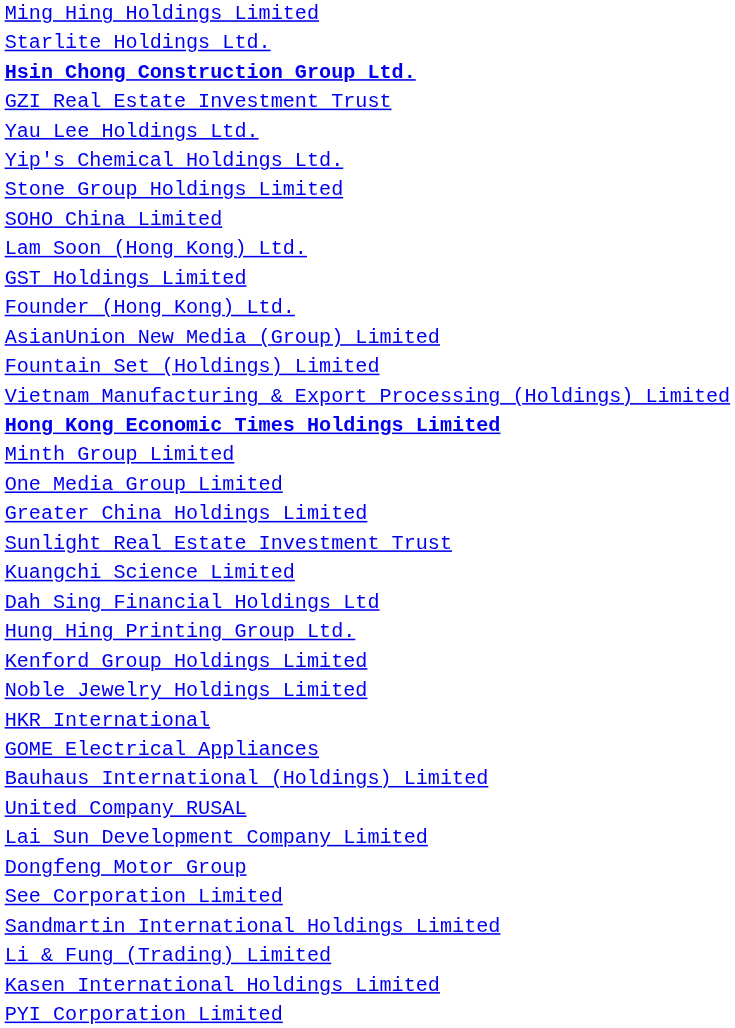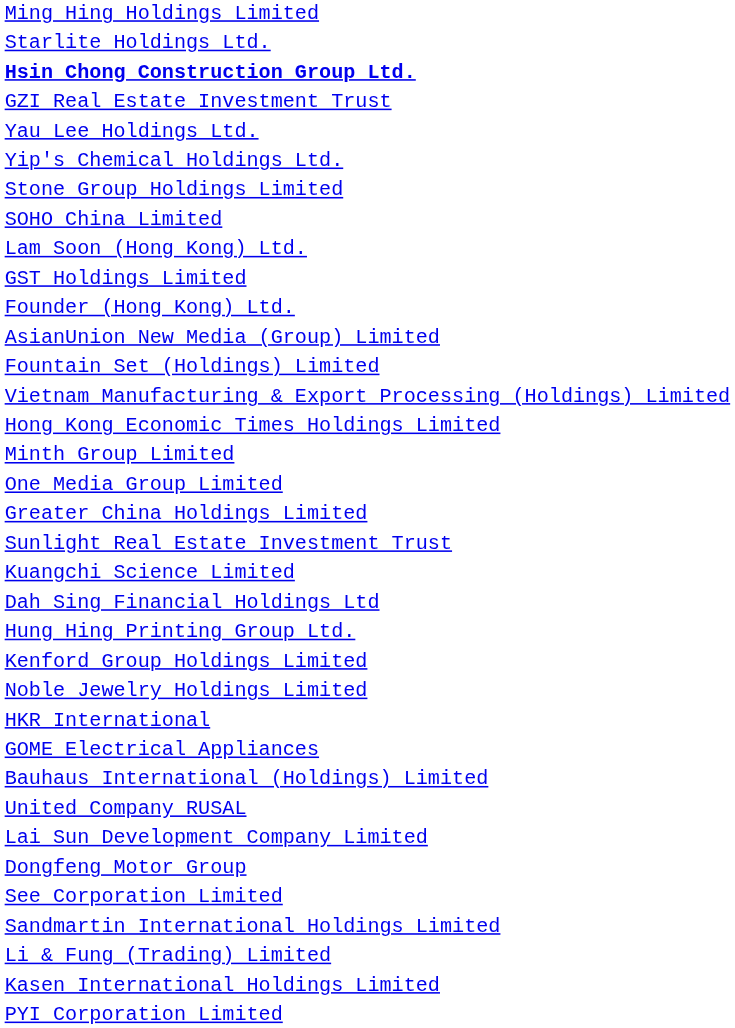 <table>
 <tr>
 <td> <a href='#'>Ming Hing Holdings Limited</a></td>
 </tr>
 <tr>
 <td> <a href='#'>Starlite Holdings Ltd.</a></td>
 </tr>
 <tr>
 <td><strong> <a href='#'>Hsin Chong Construction Group Ltd.</a></strong></td>
 </tr>
 <tr>
 <td> <a href='#'>GZI Real Estate Investment Trust</a></td>
 </tr>
 <tr>
 <td> <a href='#'>Yau Lee Holdings Ltd.</a></td>
 </tr>
 <tr>
 <td> <a href='#'>Yip's Chemical Holdings Ltd.</a></td>
 </tr>
 <tr>
 <td> <a href='#'>Stone Group Holdings Limited</a></td>
 </tr>
 <tr>
 <td> <a href='#'>SOHO China Limited</a></td>
 </tr>
 <tr>
 <td> <a href='#'>Lam Soon (Hong Kong) Ltd.</a></td>
 </tr>
 <tr>
 <td> <a href='#'>GST Holdings Limited</a></td>
 </tr>
 <tr>
 <td> <a href='#'>Founder (Hong Kong) Ltd.</a></td>
 </tr>
 <tr>
 <td> <a href='#'>AsianUnion New Media (Group) Limited</a></td>
 </tr>
 <tr>
 <td> <a href='#'>Fountain Set (Holdings) Limited</a></td>
 </tr>
 <tr>
 <td> <a href='#'>Vietnam Manufacturing & Export Processing (Holdings) Limited</a></td>
 </tr>
 <tr>
-<td><strong> <a href='#'>Hong Kong Economic Times Holdings Limited</a></strong></td>
+<td> <a href='#'>Hong Kong Economic Times Holdings Limited</a></td>
 </tr>
 <tr>
 <td> <a href='#'>Minth Group Limited</a></td>
 </tr>
 <tr>
 <td> <a href='#'>One Media Group Limited</a></td>
 </tr>
 <tr>
 <td> <a href='#'>Greater China Holdings Limited</a></td>
 </tr>
 <tr>
 <td> <a href='#'>Sunlight Real Estate Investment Trust</a></td>
 </tr>
 <tr>
 <td> <a href='#'>Kuangchi Science Limited</a></td>
 </tr>
 <tr>
 <td> <a href='#'>Dah Sing Financial Holdings Ltd</a></td>
 </tr>
 <tr>
 <td> <a href='#'>Hung Hing Printing Group Ltd.</a></td>
 </tr>
 <tr>
 <td> <a href='#'>Kenford Group Holdings Limited</a></td>
 </tr>
 <tr>
 <td> <a href='#'>Noble Jewelry Holdings Limited</a></td>
 </tr>
 <tr>
 <td> <a href='#'>HKR International</a></td>
 </tr>
 <tr>
 <td> <a href='#'>GOME Electrical Appliances</a></td>
 </tr>
 <tr>
 <td> <a href='#'>Bauhaus International (Holdings) Limited</a></td>
 </tr>
 <tr>
 <td> <a href='#'>United Company RUSAL</a></td>
 </tr>
 <tr>
 <td> <a href='#'>Lai Sun Development Company Limited</a></td>
 </tr>
 <tr>
 <td> <a href='#'>Dongfeng Motor Group</a></td>
 </tr>
 <tr>
 <td> <a href='#'>See Corporation Limited</a></td>
 </tr>
 <tr>
 <td> <a href='#'>Sandmartin International Holdings Limited</a></td>
 </tr>
 <tr>
 <td> <a href='#'>Li & Fung (Trading) Limited</a></td>
 </tr>
 <tr>
 <td> <a href='#'>Kasen International Holdings Limited</a></td>
 </tr>
 <tr>
 <td> <a href='#'>PYI Corporation Limited</a></td>
 </tr>
 </table>
